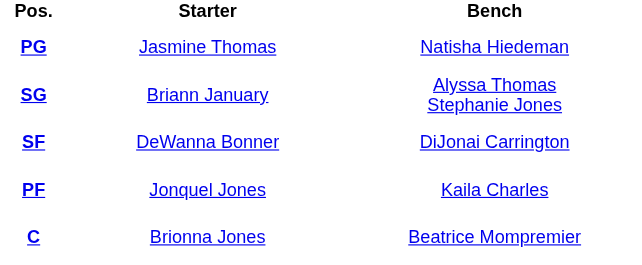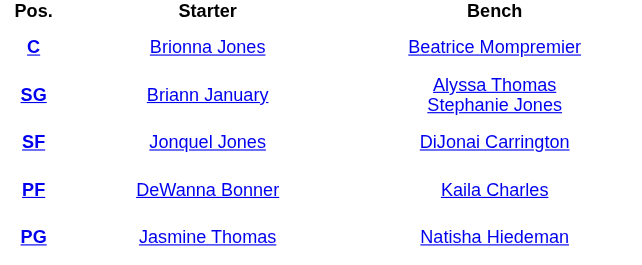 <table style="text-align:center; ">
 <tr>
 <th width="50">Pos.</th>
 <th width="250">Starter</th>
 <th width="250">Bench</th>
 </tr>
 <tr style="height:40px; background:white; color:#092C57">
-<th><a href='#'><span>PG</span></a></th>
-<td><a href='#'>Jasmine Thomas</a></td>
-<td><a href='#'>Natisha Hiedeman</a></td>
+<th><a href='#'><span>C</span></a></th>
+<td><a href='#'>Brionna Jones</a></td>
+<td><a href='#'>Beatrice Mompremier</a></td>
 </tr>
 <tr style="height:40px; background:white; color:#092C57">
 <th><a href='#'><span>SG</span></a></th>
 <td><a href='#'>Briann January</a></td>
 <td><a href='#'>Alyssa Thomas</a><br><a href='#'>Stephanie Jones</a></td>
 </tr>
 <tr style="height:40px; background:white; color:#092C57">
 <th><a href='#'><span>SF</span></a></th>
-<td><a href='#'>DeWanna Bonner</a></td>
+<td><a href='#'>Jonquel Jones</a></td>
 <td><a href='#'>DiJonai Carrington</a></td>
 </tr>
 <tr style="height:40px; background:white; color:#092C57">
 <th><a href='#'><span>PF</span></a></th>
-<td><a href='#'>Jonquel Jones</a></td>
+<td><a href='#'>DeWanna Bonner</a></td>
 <td><a href='#'>Kaila Charles</a></td>
 </tr>
 <tr style="height:40px; background:white; color:#092C57">
-<th><a href='#'><span>C</span></a></th>
-<td><a href='#'>Brionna Jones</a></td>
-<td><a href='#'>Beatrice Mompremier</a></td>
+<th><a href='#'><span>PG</span></a></th>
+<td><a href='#'>Jasmine Thomas</a></td>
+<td><a href='#'>Natisha Hiedeman</a></td>
 </tr>
 </table>
